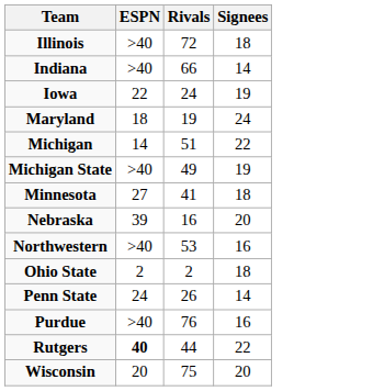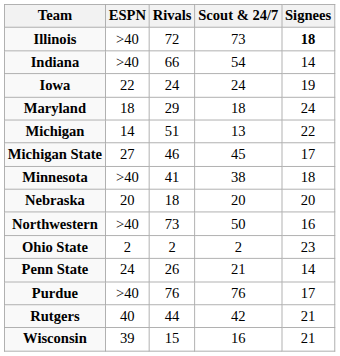 <table class="wikitable">
 <tr>
 <th>Team</th>
 <th>ESPN</th>
 <th>Rivals</th>
+<th>Scout & 24/7</th>
 <th>Signees</th>
 </tr>
 <tr style="text-align:center;">
 <td><strong>Illinois</strong></td>
 <td style="text-align:center; background:white">>40</td>
 <td style="text-align:center; background:white">72</td>
-<td style="text-align:center; background:white">18</td>
+<td style="text-align:center; background:white">73</td>
+<td style="text-align:center; background:white"><strong>18</strong></td>
 </tr>
 <tr style="text-align:center;">
 <td><strong>Indiana</strong></td>
 <td style="text-align:center; background:white">>40</td>
 <td style="text-align:center; background:white">66</td>
+<td style="text-align:center; background:white">54</td>
 <td style="text-align:center; background:white">14</td>
 </tr>
 <tr style="text-align:center;">
 <td><strong>Iowa</strong></td>
 <td style="text-align:center; background:white">22</td>
 <td style="text-align:center; background:white">24</td>
+<td style="text-align:center; background:white">24</td>
 <td style="text-align:center; background:white">19</td>
 </tr>
 <tr style="text-align:center;">
 <td><strong>Maryland</strong></td>
 <td style="text-align:center; background:white">18</td>
-<td style="text-align:center; background:white">19</td>
+<td style="text-align:center; background:white">29</td>
+<td style="text-align:center; background:white">18</td>
 <td style="text-align:center; background:white">24</td>
 </tr>
 <tr style="text-align:center;">
 <td><strong>Michigan</strong></td>
 <td style="text-align:center; background:white">14</td>
 <td style="text-align:center; background:white">51</td>
+<td style="text-align:center; background:white">13</td>
 <td style="text-align:center; background:white">22</td>
 </tr>
 <tr style="text-align:center;">
 <td><strong>Michigan State</strong></td>
-<td style="text-align:center; background:white">>40</td>
-<td style="text-align:center; background:white">49</td>
-<td style="text-align:center; background:white">19</td>
+<td style="text-align:center; background:white">27</td>
+<td style="text-align:center; background:white">46</td>
+<td style="text-align:center; background:white">45</td>
+<td style="text-align:center; background:white">17</td>
 </tr>
 <tr style="text-align:center;">
 <td><strong>Minnesota</strong></td>
-<td style="text-align:center; background:white">27</td>
+<td style="text-align:center; background:white">>40</td>
 <td style="text-align:center; background:white">41</td>
+<td style="text-align:center; background:white">38</td>
 <td style="text-align:center; background:white">18</td>
 </tr>
 <tr style="text-align:center;">
 <td><strong>Nebraska</strong></td>
-<td style="text-align:center; background:white">39</td>
-<td style="text-align:center; background:white">16</td>
+<td style="text-align:center; background:white">20</td>
+<td style="text-align:center; background:white">18</td>
+<td style="text-align:center; background:white">20</td>
 <td style="text-align:center; background:white">20</td>
 </tr>
 <tr style="text-align:center;">
 <td><strong>Northwestern</strong></td>
 <td style="text-align:center; background:white">>40</td>
-<td style="text-align:center; background:white">53</td>
+<td style="text-align:center; background:white">73</td>
+<td style="text-align:center; background:white">50</td>
 <td style="text-align:center; background:white">16</td>
 </tr>
 <tr style="text-align:center;">
 <td><strong>Ohio State</strong></td>
 <td style="text-align:center; background:white">2</td>
 <td style="text-align:center; background:white">2</td>
-<td style="text-align:center; background:white">18</td>
+<td style="text-align:center; background:white">2</td>
+<td style="text-align:center; background:white">23</td>
 </tr>
 <tr style="text-align:center;">
 <td><strong>Penn State</strong></td>
 <td style="text-align:center; background:white">24</td>
 <td style="text-align:center; background:white">26</td>
+<td style="text-align:center; background:white">21</td>
 <td style="text-align:center; background:white">14</td>
 </tr>
 <tr style="text-align:center;">
 <td><strong>Purdue</strong></td>
 <td style="text-align:center; background:white">>40</td>
 <td style="text-align:center; background:white">76</td>
-<td style="text-align:center; background:white">16</td>
+<td style="text-align:center; background:white">76</td>
+<td style="text-align:center; background:white">17</td>
 </tr>
 <tr style="text-align:center;">
 <td><strong>Rutgers</strong></td>
-<td style="text-align:center; background:white"><strong>40</strong></td>
+<td style="text-align:center; background:white">40</td>
 <td style="text-align:center; background:white">44</td>
-<td style="text-align:center; background:white">22</td>
+<td style="text-align:center; background:white">42</td>
+<td style="text-align:center; background:white">21</td>
 </tr>
 <tr style="text-align:center;">
 <td><strong>Wisconsin</strong></td>
-<td style="text-align:center; background:white">20</td>
-<td style="text-align:center; background:white">75</td>
-<td style="text-align:center; background:white">20</td>
+<td style="text-align:center; background:white">39</td>
+<td style="text-align:center; background:white">15</td>
+<td style="text-align:center; background:white">16</td>
+<td style="text-align:center; background:white">21</td>
 </tr>
 </table>
